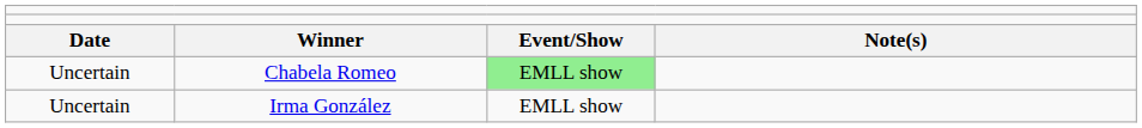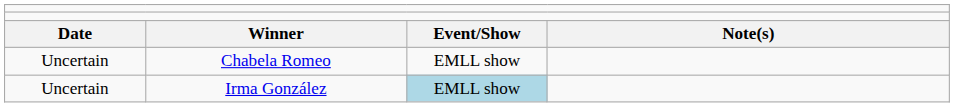 <table class="wikitable" style="text-align:center; width:100%;">
 <tr>
 <td colspan=5></td>
 </tr>
 <tr>
 <td colspan=5><strong></strong></td>
 </tr>
 <tr>
 <th width=14%>Date</th>
 <th width=26%>Winner</th>
 <th width=14%>Event/Show</th>
 <th width=40%>Note(s)</th>
 </tr>
 <tr>
 <td>Uncertain</td>
 <td><a href='#'>Chabela Romeo</a></td>
-<td style="background: lightgreen;">EMLL show</td>
+<td>EMLL show</td>
 <td align=left></td>
 </tr>
 <tr>
 <td>Uncertain</td>
 <td><a href='#'>Irma González</a></td>
-<td>EMLL show</td>
+<td style="background: lightblue;">EMLL show</td>
 <td align=left></td>
 </tr>
 </table>
